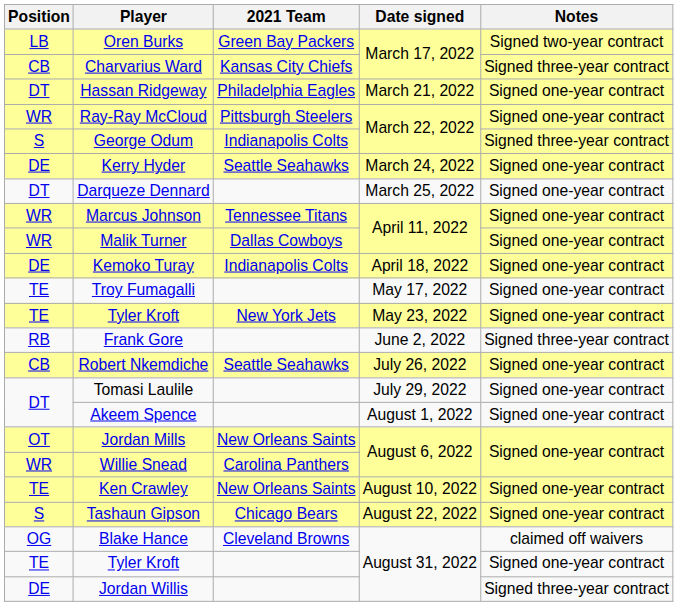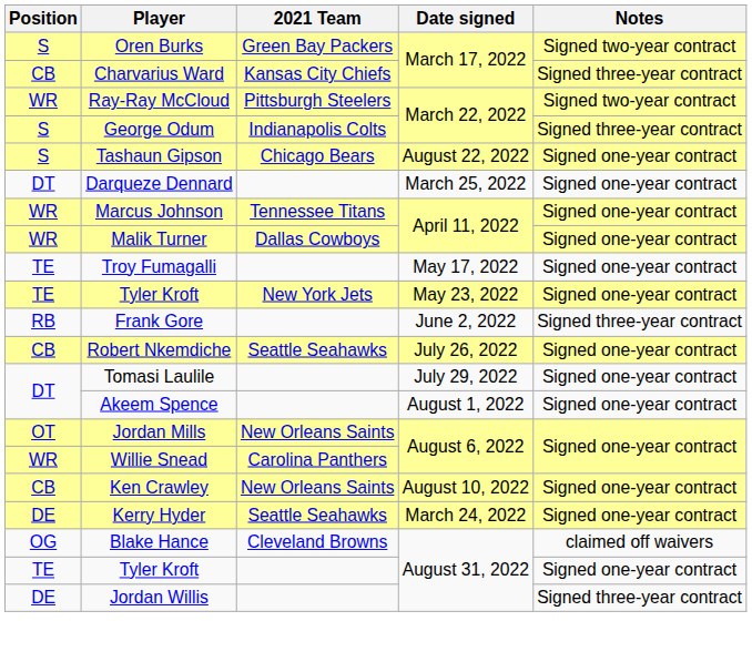 <table class="sortable wikitable" style="text-align:center">
 <tr>
 <th>Position</th>
 <th>Player</th>
 <th>2021 Team</th>
 <th>Date signed</th>
 <th>Notes</th>
 </tr>
 <tr style="background:#ff9">
-<td><a href='#'>LB</a></td>
+<td><a href='#'>S</a></td>
 <td><a href='#'>Oren Burks</a></td>
 <td><a href='#'>Green Bay Packers</a></td>
 <td rowspan="2">March 17, 2022</td>
 <td>Signed two-year contract</td>
 </tr>
 <tr style="background:#ff9">
 <td><a href='#'>CB</a></td>
 <td><a href='#'>Charvarius Ward</a></td>
 <td><a href='#'>Kansas City Chiefs</a></td>
 <td>Signed three-year contract</td>
 </tr>
 <tr style="background:#ff9">
-<td><a href='#'>DT</a></td>
-<td><a href='#'>Hassan Ridgeway</a></td>
-<td><a href='#'>Philadelphia Eagles</a></td>
-<td>March 21, 2022</td>
-<td>Signed one-year contract</td>
-</tr>
-<tr style="background:#ff9">
 <td><a href='#'>WR</a></td>
 <td><a href='#'>Ray-Ray McCloud</a></td>
 <td><a href='#'>Pittsburgh Steelers</a></td>
 <td rowspan="2">March 22, 2022</td>
-<td>Signed one-year contract</td>
+<td>Signed two-year contract</td>
 </tr>
 <tr style="background:#ff9">
 <td><a href='#'>S</a></td>
 <td><a href='#'>George Odum</a></td>
 <td><a href='#'>Indianapolis Colts</a></td>
 <td>Signed three-year contract</td>
 </tr>
 <tr style="background:#ff9">
-<td><a href='#'>DE</a></td>
-<td><a href='#'>Kerry Hyder</a></td>
-<td><a href='#'>Seattle Seahawks</a></td>
-<td>March 24, 2022</td>
+<td><a href='#'>S</a></td>
+<td><a href='#'>Tashaun Gipson</a></td>
+<td><a href='#'>Chicago Bears</a></td>
+<td>August 22, 2022</td>
 <td>Signed one-year contract</td>
 </tr>
 <tr style="background:">
 <td><a href='#'>DT</a></td>
 <td><a href='#'>Darqueze Dennard</a></td>
 <td></td>
 <td>March 25, 2022</td>
 <td>Signed one-year contract</td>
 </tr>
 <tr style="background:#ff9">
 <td><a href='#'>WR</a></td>
 <td><a href='#'>Marcus Johnson</a></td>
 <td><a href='#'>Tennessee Titans</a></td>
 <td rowspan="2">April 11, 2022</td>
 <td>Signed one-year contract</td>
 </tr>
 <tr style="background:#ff9">
 <td><a href='#'>WR</a></td>
 <td><a href='#'>Malik Turner</a></td>
 <td><a href='#'>Dallas Cowboys</a></td>
-<td>Signed one-year contract</td>
-</tr>
-<tr style="background:#ff9">
-<td><a href='#'>DE</a></td>
-<td><a href='#'>Kemoko Turay</a></td>
-<td><a href='#'>Indianapolis Colts</a></td>
-<td>April 18, 2022</td>
 <td>Signed one-year contract</td>
 </tr>
 <tr style="background:">
 <td><a href='#'>TE</a></td>
 <td><a href='#'>Troy Fumagalli</a></td>
 <td></td>
 <td>May 17, 2022</td>
 <td>Signed one-year contract</td>
 </tr>
 <tr style="background:#ff9">
 <td><a href='#'>TE</a></td>
 <td><a href='#'>Tyler Kroft</a></td>
 <td><a href='#'>New York Jets</a></td>
 <td>May 23, 2022</td>
 <td>Signed one-year contract</td>
 </tr>
 <tr style="background:">
 <td><a href='#'>RB</a></td>
 <td><a href='#'>Frank Gore</a></td>
 <td></td>
 <td>June 2, 2022</td>
 <td>Signed three-year contract</td>
 </tr>
 <tr style="background:#ff9">
 <td><a href='#'>CB</a></td>
 <td><a href='#'>Robert Nkemdiche</a></td>
 <td><a href='#'>Seattle Seahawks</a></td>
 <td>July 26, 2022</td>
 <td>Signed one-year contract</td>
 </tr>
 <tr>
 <td rowspan="2"><a href='#'>DT</a></td>
 <td>Tomasi Laulile</td>
 <td></td>
 <td>July 29, 2022</td>
 <td>Signed one-year contract</td>
 </tr>
 <tr>
 <td><a href='#'>Akeem Spence</a></td>
 <td></td>
 <td>August 1, 2022</td>
 <td>Signed one-year contract</td>
 </tr>
 <tr style="background:#ff9">
 <td><a href='#'>OT</a></td>
 <td><a href='#'>Jordan Mills</a></td>
 <td><a href='#'>New Orleans Saints</a></td>
 <td rowspan=2>August 6, 2022</td>
 <td rowspan=2>Signed one-year contract</td>
 </tr>
 <tr style="background:#ff9">
 <td><a href='#'>WR</a></td>
 <td><a href='#'>Willie Snead</a></td>
 <td><a href='#'>Carolina Panthers</a></td>
 </tr>
 <tr style="background:#ff9">
-<td><a href='#'>TE</a></td>
+<td><a href='#'>CB</a></td>
 <td><a href='#'>Ken Crawley</a></td>
 <td><a href='#'>New Orleans Saints</a></td>
 <td>August 10, 2022</td>
 <td>Signed one-year contract</td>
 </tr>
 <tr style="background:#ff9">
-<td><a href='#'>S</a></td>
-<td><a href='#'>Tashaun Gipson</a></td>
-<td><a href='#'>Chicago Bears</a></td>
-<td>August 22, 2022</td>
+<td><a href='#'>DE</a></td>
+<td><a href='#'>Kerry Hyder</a></td>
+<td><a href='#'>Seattle Seahawks</a></td>
+<td>March 24, 2022</td>
 <td>Signed one-year contract</td>
 </tr>
 <tr>
 <td><a href='#'>OG</a></td>
 <td><a href='#'>Blake Hance</a></td>
 <td><a href='#'>Cleveland Browns</a></td>
 <td rowspan="3">August 31, 2022</td>
 <td>claimed off waivers</td>
 </tr>
 <tr>
 <td><a href='#'>TE</a></td>
 <td><a href='#'>Tyler Kroft</a></td>
 <td></td>
 <td>Signed one-year contract</td>
 </tr>
 <tr>
 <td><a href='#'>DE</a></td>
 <td><a href='#'>Jordan Willis</a></td>
 <td></td>
 <td>Signed three-year contract</td>
 </tr>
 </table>
